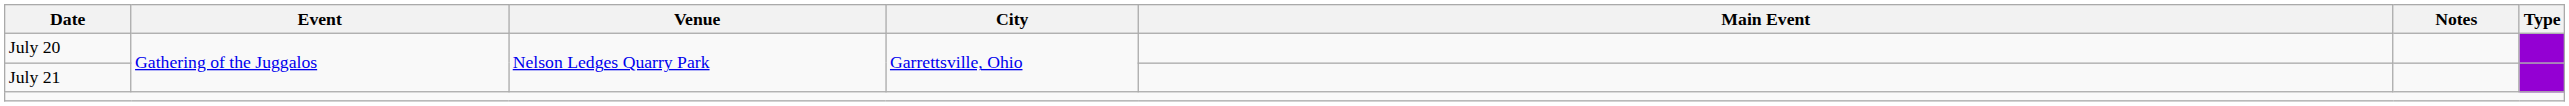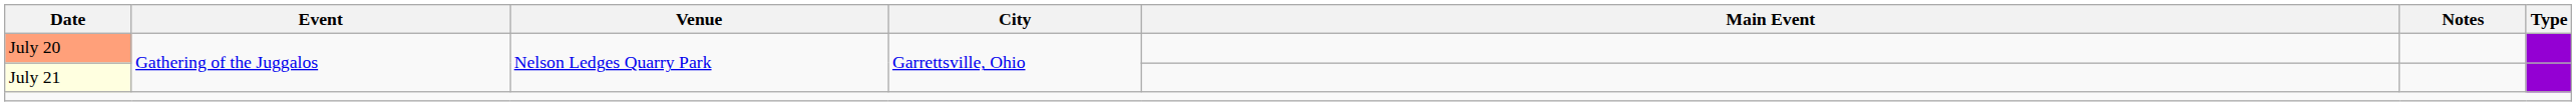 <table class="sortable wikitable succession-box" style="font-size:85%;">
 <tr>
 <th scope="col" style="width:5%;">Date</th>
 <th scope="col" style="width:15%;">Event</th>
 <th scope="col" style="width:15%;">Venue</th>
 <th scope="col" style="width:10%;">City</th>
 <th scope="col" style="width:50%;">Main Event</th>
 <th scope="col" style="width:10%;">Notes</th>
 <th scope="col" style="width:1%;">Type</th>
 </tr>
 <tr>
-<td>July 20</td>
+<td style="background: lightsalmon;">July 20</td>
 <td rowspan=2><a href='#'>Gathering of the Juggalos</a></td>
 <td rowspan=2><a href='#'>Nelson Ledges Quarry Park</a></td>
 <td rowspan=2><a href='#'>Garrettsville, Ohio</a></td>
 <td></td>
 <td></td>
 <td style="background: darkviolet"></td>
 </tr>
 <tr>
-<td>July 21</td>
+<td style="background: lightyellow;">July 21</td>
 <td></td>
 <td></td>
 <td style="background: darkviolet"></td>
 </tr>
 <tr>
 <td colspan="7"></td>
 </tr>
 </table>
